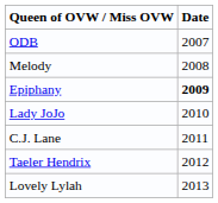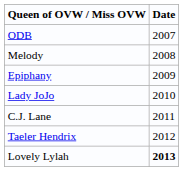 <table border="2" cellpadding="4" cellspacing="0" style="margin: 1em 1em 1em 0; background: #FCFDFF; border: 1px #aaa solid; border-collapse: collapse; font-size: 95%;">
 <tr>
 <th>Queen of OVW / Miss OVW</th>
 <th>Date</th>
 </tr>
 <tr>
 <td><a href='#'>ODB</a></td>
 <td>2007</td>
 </tr>
 <tr>
 <td>Melody</td>
 <td>2008</td>
 </tr>
 <tr>
 <td><a href='#'>Epiphany</a></td>
-<td><strong>2009</strong></td>
+<td>2009</td>
 </tr>
 <tr>
 <td><a href='#'>Lady JoJo</a></td>
 <td>2010</td>
 </tr>
 <tr>
 <td>C.J. Lane</td>
 <td>2011</td>
 </tr>
 <tr>
 <td><a href='#'>Taeler Hendrix</a></td>
 <td>2012</td>
 </tr>
 <tr>
 <td>Lovely Lylah</td>
-<td>2013</td>
+<td><strong>2013</strong></td>
 </tr>
 </table>
